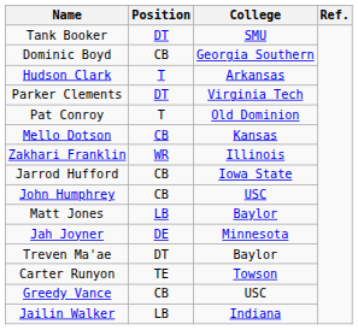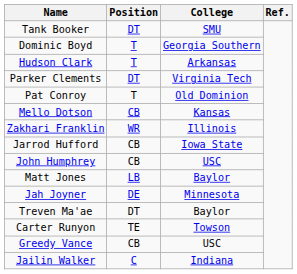 <table class="wikitable" style="text-align:center">
 <tr>
 <th>Name</th>
 <th>Position</th>
 <th>College</th>
 <th>Ref.</th>
 </tr>
 <tr>
 <td>Tank Booker</td>
 <td><a href='#'>DT</a></td>
 <td><a href='#'>SMU</a></td>
 <td rowspan="15"></td>
 </tr>
 <tr>
 <td>Dominic Boyd</td>
-<td>CB</td>
+<td><a href='#'>T</a></td>
 <td><a href='#'>Georgia Southern</a></td>
 </tr>
 <tr>
 <td><a href='#'>Hudson Clark</a></td>
 <td><a href='#'>T</a></td>
 <td><a href='#'>Arkansas</a></td>
 </tr>
 <tr>
 <td>Parker Clements</td>
 <td><a href='#'>DT</a></td>
 <td><a href='#'>Virginia Tech</a></td>
 </tr>
 <tr>
 <td>Pat Conroy</td>
 <td>T</td>
 <td><a href='#'>Old Dominion</a></td>
 </tr>
 <tr>
 <td><a href='#'>Mello Dotson</a></td>
 <td><a href='#'>CB</a></td>
 <td><a href='#'>Kansas</a></td>
 </tr>
 <tr>
 <td><a href='#'>Zakhari Franklin</a></td>
 <td><a href='#'>WR</a></td>
 <td><a href='#'>Illinois</a></td>
 </tr>
 <tr>
 <td>Jarrod Hufford</td>
 <td>CB</td>
 <td><a href='#'>Iowa State</a></td>
 </tr>
 <tr>
 <td><a href='#'>John Humphrey</a></td>
 <td>CB</td>
 <td><a href='#'>USC</a></td>
 </tr>
 <tr>
 <td>Matt Jones</td>
 <td><a href='#'>LB</a></td>
 <td><a href='#'>Baylor</a></td>
 </tr>
 <tr>
 <td><a href='#'>Jah Joyner</a></td>
 <td><a href='#'>DE</a></td>
 <td><a href='#'>Minnesota</a></td>
 </tr>
 <tr>
 <td>Treven Ma'ae</td>
 <td>DT</td>
 <td>Baylor</td>
 </tr>
 <tr>
 <td>Carter Runyon</td>
 <td>TE</td>
 <td><a href='#'>Towson</a></td>
 </tr>
 <tr>
 <td><a href='#'>Greedy Vance</a></td>
 <td>CB</td>
 <td>USC</td>
 </tr>
 <tr>
 <td><a href='#'>Jailin Walker</a></td>
-<td>LB</td>
+<td><a href='#'>C</a></td>
 <td><a href='#'>Indiana</a></td>
 </tr>
 </table>
